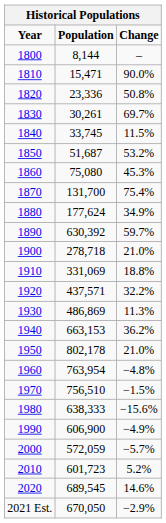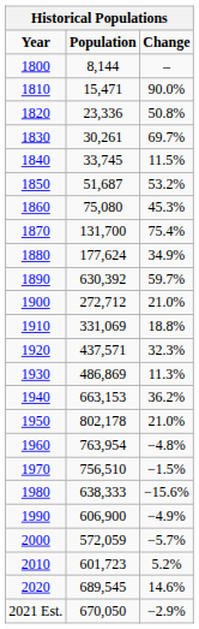 <table class="wikitable" style="display: inline-table;font-size:90%;width:80;text-align:center;">
 <tr>
 <th colspan=3>Historical Populations </th>
 </tr>
 <tr>
 <td><strong>Year</strong></td>
 <td><strong>Population</strong></td>
 <td><strong>Change</strong></td>
 </tr>
 <tr>
 <td><a href='#'>1800</a></td>
 <td>8,144</td>
 <td>–</td>
 </tr>
 <tr>
 <td><a href='#'>1810</a></td>
 <td>15,471</td>
 <td>90.0%</td>
 </tr>
 <tr>
 <td><a href='#'>1820</a></td>
 <td>23,336</td>
 <td>50.8%</td>
 </tr>
 <tr>
 <td><a href='#'>1830</a></td>
 <td>30,261</td>
 <td>69.7%</td>
 </tr>
 <tr>
 <td><a href='#'>1840</a></td>
 <td>33,745</td>
 <td>11.5%</td>
 </tr>
 <tr>
 <td><a href='#'>1850</a></td>
 <td>51,687</td>
 <td>53.2%</td>
 </tr>
 <tr>
 <td><a href='#'>1860</a></td>
 <td>75,080</td>
 <td>45.3%</td>
 </tr>
 <tr>
 <td><a href='#'>1870</a></td>
 <td>131,700</td>
 <td>75.4%</td>
 </tr>
 <tr>
 <td><a href='#'>1880</a></td>
 <td>177,624</td>
 <td>34.9%</td>
 </tr>
 <tr>
 <td><a href='#'>1890</a></td>
 <td>630,392</td>
 <td>59.7%</td>
 </tr>
 <tr>
 <td><a href='#'>1900</a></td>
-<td>278,718</td>
+<td>272,712</td>
 <td>21.0%</td>
 </tr>
 <tr>
 <td><a href='#'>1910</a></td>
 <td>331,069</td>
 <td>18.8%</td>
 </tr>
 <tr>
 <td><a href='#'>1920</a></td>
 <td>437,571</td>
-<td>32.2%</td>
+<td>32.3%</td>
 </tr>
 <tr>
 <td><a href='#'>1930</a></td>
 <td>486,869</td>
 <td>11.3%</td>
 </tr>
 <tr>
 <td><a href='#'>1940</a></td>
 <td>663,153</td>
 <td>36.2%</td>
 </tr>
 <tr>
 <td><a href='#'>1950</a></td>
 <td>802,178</td>
 <td>21.0%</td>
 </tr>
 <tr>
 <td><a href='#'>1960</a></td>
 <td>763,954</td>
 <td>−4.8%</td>
 </tr>
 <tr>
 <td><a href='#'>1970</a></td>
 <td>756,510</td>
 <td>−1.5%</td>
 </tr>
 <tr>
 <td><a href='#'>1980</a></td>
 <td>638,333</td>
 <td>−15.6%</td>
 </tr>
 <tr>
 <td><a href='#'>1990</a></td>
 <td>606,900</td>
 <td>−4.9%</td>
 </tr>
 <tr>
 <td><a href='#'>2000</a></td>
 <td>572,059</td>
 <td>−5.7%</td>
 </tr>
 <tr>
 <td><a href='#'>2010</a></td>
 <td>601,723</td>
 <td>5.2%</td>
 </tr>
 <tr>
 <td><a href='#'>2020</a></td>
 <td>689,545</td>
 <td>14.6%</td>
 </tr>
 <tr>
 <td>2021 Est.</td>
 <td>670,050</td>
 <td>−2.9%</td>
 </tr>
 </table>
